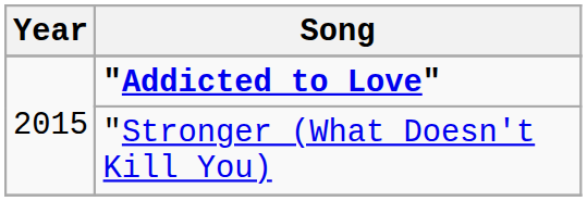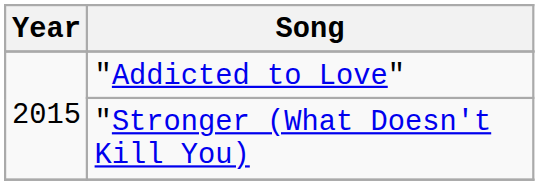 <table class="wikitable">
 <tr>
 <th rowspan="1">Year</th>
 <th rowspan="1" style="width:15em;">Song</th>
 </tr>
 <tr style="font-size:smaller;">
 </tr>
 <tr>
 <td style="text-align:center;"  rowspan="2">2015</td>
-<td><strong>"<a href='#'>Addicted to Love</a>"</strong></td>
+<td>"<a href='#'>Addicted to Love</a>"</td>
 </tr>
 <tr>
 <td>"<a href='#'>Stronger (What Doesn't Kill You)</a></td>
 </tr>
 <tr>
 </tr>
 </table>
